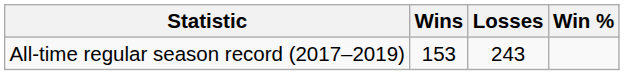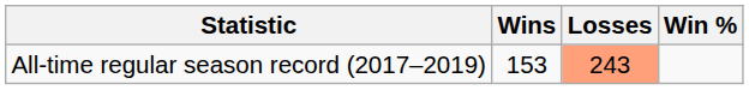 <table class="wikitable" style="text-align:center; font-size:95%">
 <tr>
 <th rowspan=1>Statistic</th>
 <th rowspan=1>Wins</th>
 <th rowspan=1>Losses</th>
 <th rowspan=1>Win %</th>
 </tr>
 <tr>
 <td>All-time regular season record (2017–2019)</td>
 <td>153</td>
-<td>243</td>
+<td style="background: lightsalmon;">243</td>
 <td></td>
 </tr>
 </table>
